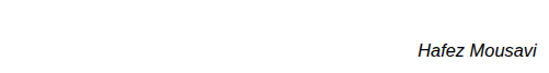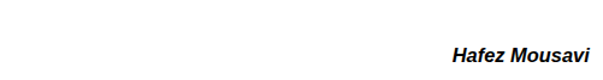 <table class="toccolours" style="float: right ; margin-center: 2em; margin-right: 1em; font-size: 90%; background:white; width:30em; max-width: 100%;" cellspacing="5">
 <tr>
 <td style="text-align: left;"><br></td>
 </tr>
 <tr>
-<td style="text-align: right;"><em>Hafez Mousavi</em></td>
+<td style="text-align: right;"><strong><em>Hafez Mousavi</em></strong></td>
 </tr>
 </table>
